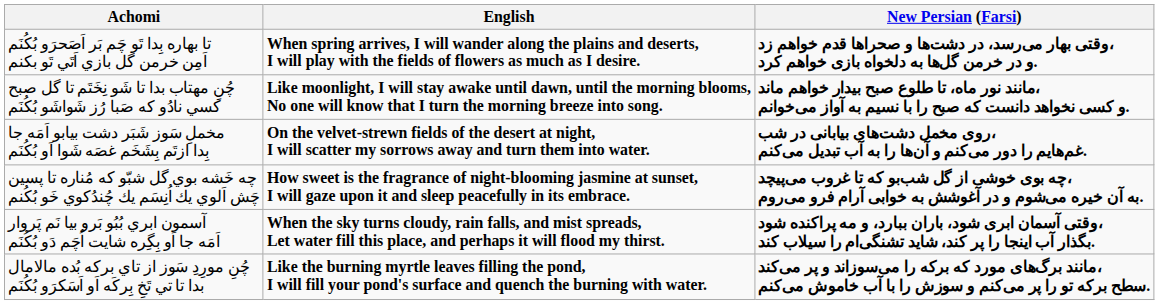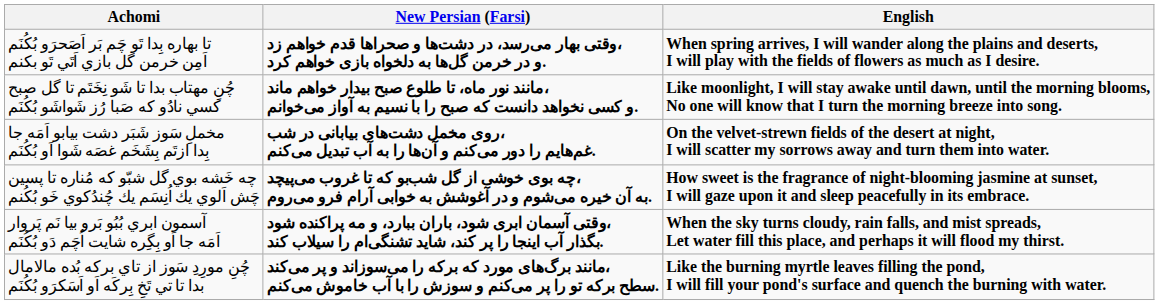 <table class="wikitable">
 <tr>
 <th>Achomi</th>
+<th><a href='#'>New Persian</a> (<a href='#'>Farsi</a>)</th>
 <th>English</th>
-<th><a href='#'>New Persian</a> (<a href='#'>Farsi</a>)</th>
 </tr>
 <tr>
 <td>تا بهاره بِدا تَو چَم بَر اَصَحرَو بُكُنَم<br>اَمِن خرمن گل بازي اَتَي تَو بكنم</td>
+<td><strong>وقتی بهار می‌رسد، در دشت‌ها و صحراها قدم خواهم زد،</strong><br><strong>و در خرمن گل‌ها به دلخواه بازی خواهم کرد.</strong></td>
 <td><strong>When spring arrives, I will wander along the plains and deserts,</strong><br><strong>I will play with the fields of flowers as much as I desire.</strong></td>
-<td><strong>وقتی بهار می‌رسد، در دشت‌ها و صحراها قدم خواهم زد،</strong><br><strong>و در خرمن گل‌ها به دلخواه بازی خواهم کرد.</strong></td>
 </tr>
 <tr>
 <td>چُنِ مهتاب بدا تا شَو نِخَتَم تا گل صبح<br>كسي نادُو كه صَبا رُز شَواشَو بُكُنَم</td>
+<td><strong>مانند نور ماه، تا طلوع صبح بیدار خواهم ماند،</strong><br><strong>و کسی نخواهد دانست که صبح را با نسیم به آواز می‌خوانم.</strong></td>
 <td><strong>Like moonlight, I will stay awake until dawn, until the morning blooms,</strong><br><strong>No one will know that I turn the morning breeze into song.</strong></td>
-<td><strong>مانند نور ماه، تا طلوع صبح بیدار خواهم ماند،</strong><br><strong>و کسی نخواهد دانست که صبح را با نسیم به آواز می‌خوانم.</strong></td>
 </tr>
 <tr>
 <td>مخملِ سَوز شَبَر دشت بيابو اَمَه جا<br>بِدا ازتَم بِشَخَم غصَه شَوا اَو بُكُنَم</td>
+<td><strong>روی مخمل دشت‌های بیابانی در شب،</strong><br><strong>غم‌هایم را دور می‌کنم و آن‌ها را به آب تبدیل می‌کنم.</strong></td>
 <td><strong>On the velvet-strewn fields of the desert at night,</strong><br><strong>I will scatter my sorrows away and turn them into water.</strong></td>
-<td><strong>روی مخمل دشت‌های بیابانی در شب،</strong><br><strong>غم‌هایم را دور می‌کنم و آن‌ها را به آب تبدیل می‌کنم.</strong></td>
 </tr>
 <tr>
 <td>چه خَشه بوي گل شبّو كه مُناره تا پسين<br>چَش اَلوي يك اُنِسَم يك چُندُكوي خَو بُكُنم</td>
+<td><strong>چه بوی خوشی از گل شب‌بو که تا غروب می‌پیچد،</strong><br><strong>به آن خیره می‌شوم و در آغوشش به خوابی آرام فرو می‌روم.</strong></td>
 <td><strong>How sweet is the fragrance of night-blooming jasmine at sunset,</strong><br><strong>I will gaze upon it and sleep peacefully in its embrace.</strong></td>
-<td><strong>چه بوی خوشی از گل شب‌بو که تا غروب می‌پیچد،</strong><br><strong>به آن خیره می‌شوم و در آغوشش به خوابی آرام فرو می‌روم.</strong></td>
 </tr>
 <tr>
 <td>آسمون ابري بُبُو بَرو بيا نَم پَروار<br>اَمَه جا اَو بِگِره شايت اُچَم دَو بُكُنَم</td>
+<td><strong>وقتی آسمان ابری شود، باران ببارد، و مه پراکنده شود،</strong><br><strong>بگذار آب اینجا را پر کند، شاید تشنگی‌ام را سیلاب کند.</strong></td>
 <td><strong>When the sky turns cloudy, rain falls, and mist spreads,</strong><br><strong>Let water fill this place, and perhaps it will flood my thirst.</strong></td>
-<td><strong>وقتی آسمان ابری شود، باران ببارد، و مه پراکنده شود،</strong><br><strong>بگذار آب اینجا را پر کند، شاید تشنگی‌ام را سیلاب کند.</strong></td>
 </tr>
 <tr>
 <td>چُنِ مورِدِ سَوز از تاي بركه بُده مالامال<br>بدا تا تي تَخِ بِركَه اَو اَسَكرَو بُكُنَم</td>
+<td><strong>مانند برگ‌های مورد که برکه را می‌سوزاند و پر می‌کند،</strong><br><strong>سطح برکه تو را پر می‌کنم و سوزش را با آب خاموش می‌کنم.</strong></td>
 <td><strong>Like the burning myrtle leaves filling the pond,</strong><br><strong>I will fill your pond's surface and quench the burning with water.</strong></td>
-<td><strong>مانند برگ‌های مورد که برکه را می‌سوزاند و پر می‌کند،</strong><br><strong>سطح برکه تو را پر می‌کنم و سوزش را با آب خاموش می‌کنم.</strong></td>
 </tr>
 </table>
